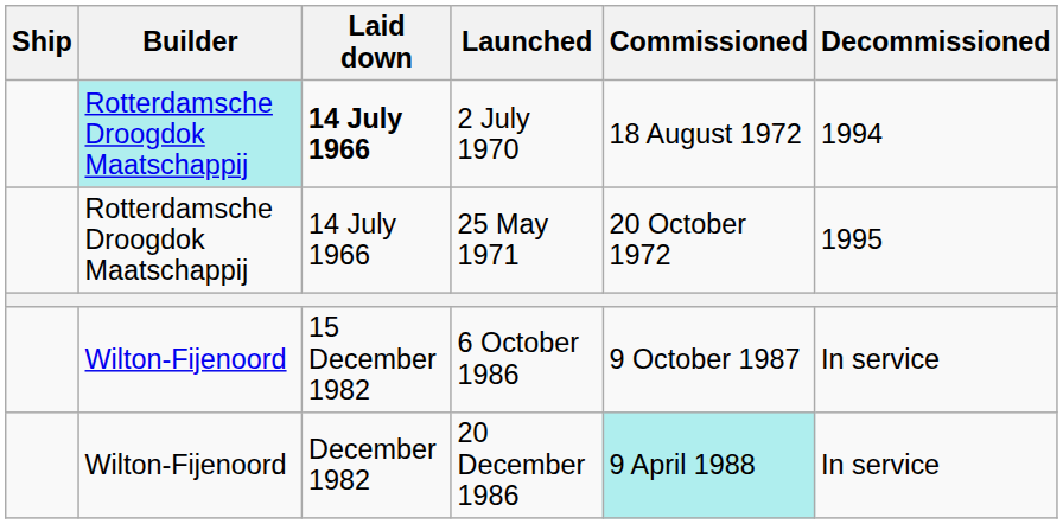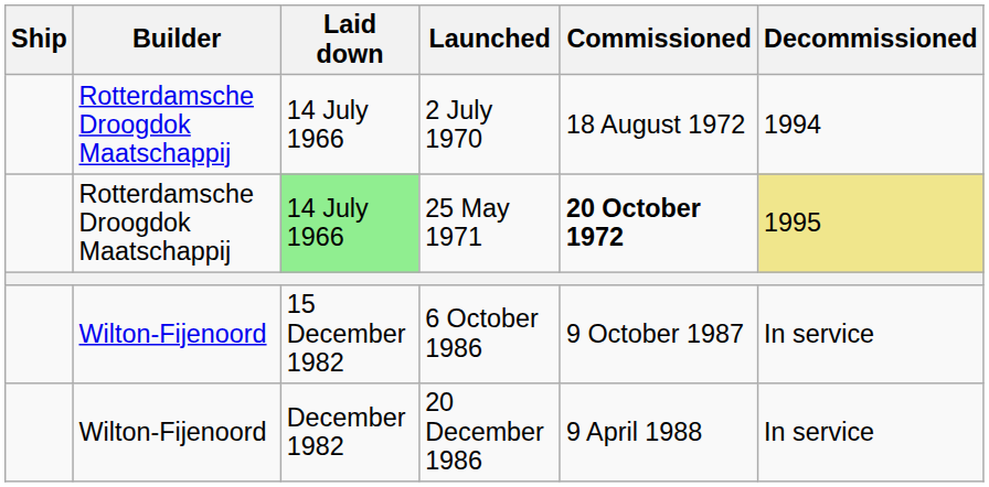 <table class="wikitable" border="1">
 <tr>
 <th>Ship</th>
 <th>Builder</th>
 <th>Laid down</th>
 <th>Launched</th>
 <th>Commissioned</th>
 <th>Decommissioned</th>
 </tr>
 <tr>
 <td></td>
-<td style="background: paleturquoise;"><a href='#'>Rotterdamsche Droogdok Maatschappij</a></td>
-<td><strong>14 July 1966</strong></td>
+<td><a href='#'>Rotterdamsche Droogdok Maatschappij</a></td>
+<td>14 July 1966</td>
 <td>2 July 1970</td>
 <td>18 August 1972</td>
 <td>1994</td>
 </tr>
 <tr>
 <td></td>
 <td>Rotterdamsche Droogdok Maatschappij</td>
-<td>14 July 1966</td>
+<td style="background: lightgreen;">14 July 1966</td>
 <td>25 May 1971</td>
-<td>20 October 1972</td>
-<td>1995</td>
+<td><strong>20 October 1972</strong></td>
+<td style="background: khaki;">1995</td>
 </tr>
 <tr>
 <th colspan="7"></th>
 </tr>
 <tr>
 <td></td>
 <td><a href='#'>Wilton-Fijenoord</a></td>
 <td>15 December 1982</td>
 <td>6 October 1986</td>
 <td>9 October 1987</td>
 <td>In service</td>
 </tr>
 <tr>
 <td></td>
 <td>Wilton-Fijenoord</td>
 <td>December 1982</td>
 <td>20 December 1986</td>
-<td style="background: paleturquoise;">9 April 1988</td>
+<td>9 April 1988</td>
 <td>In service</td>
 </tr>
 </table>
